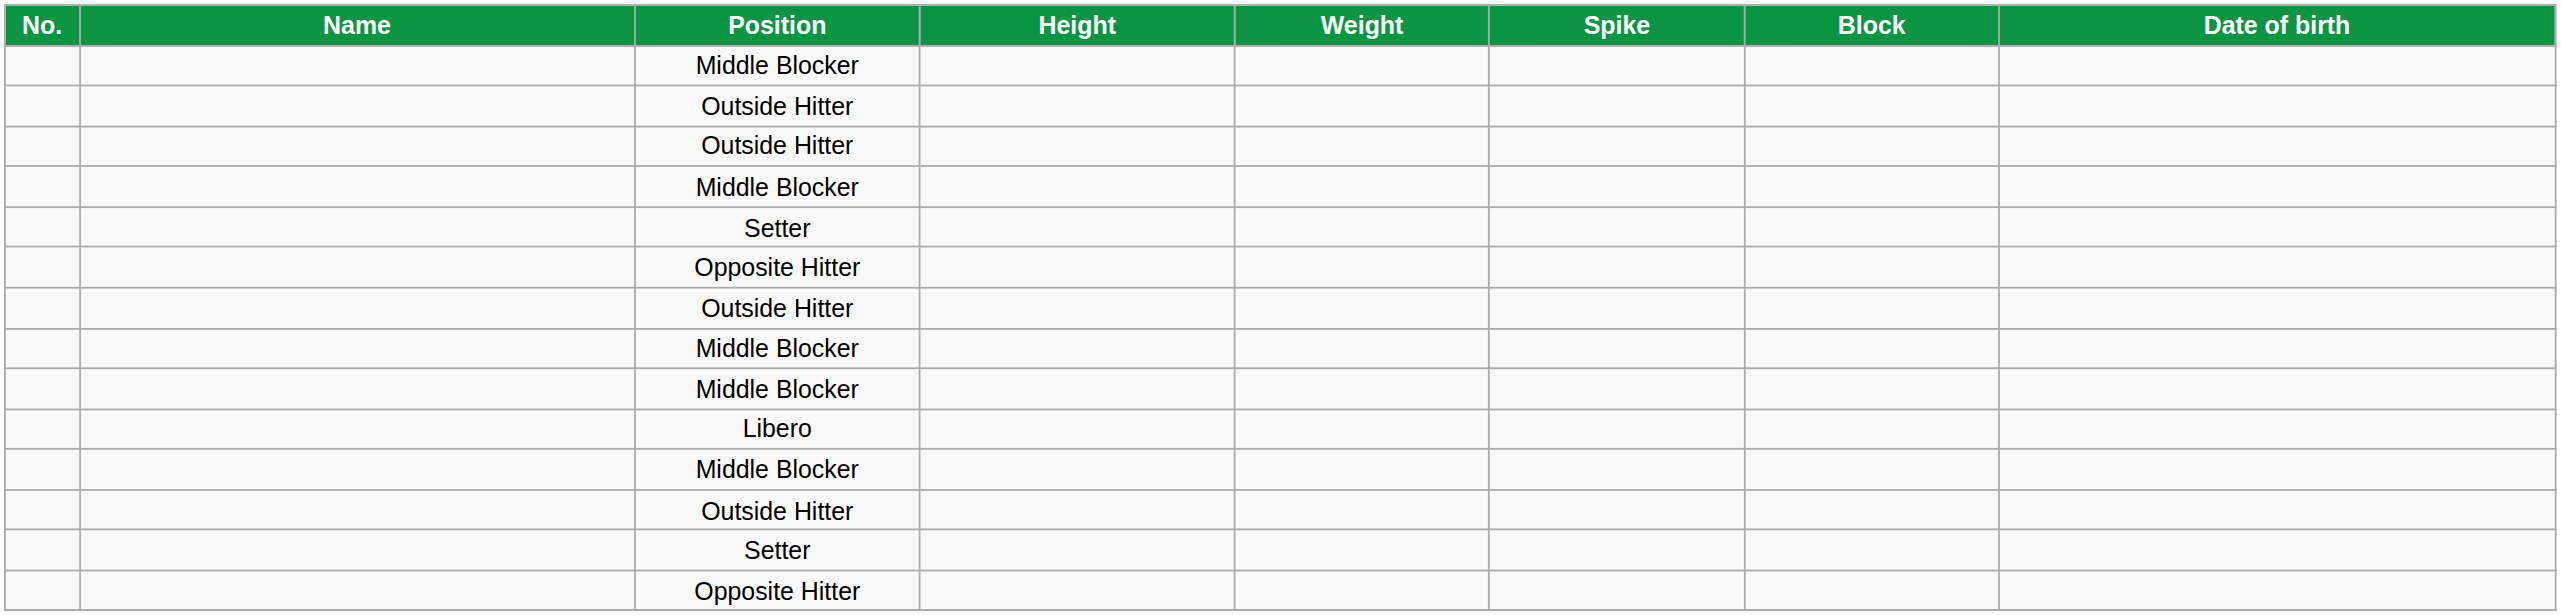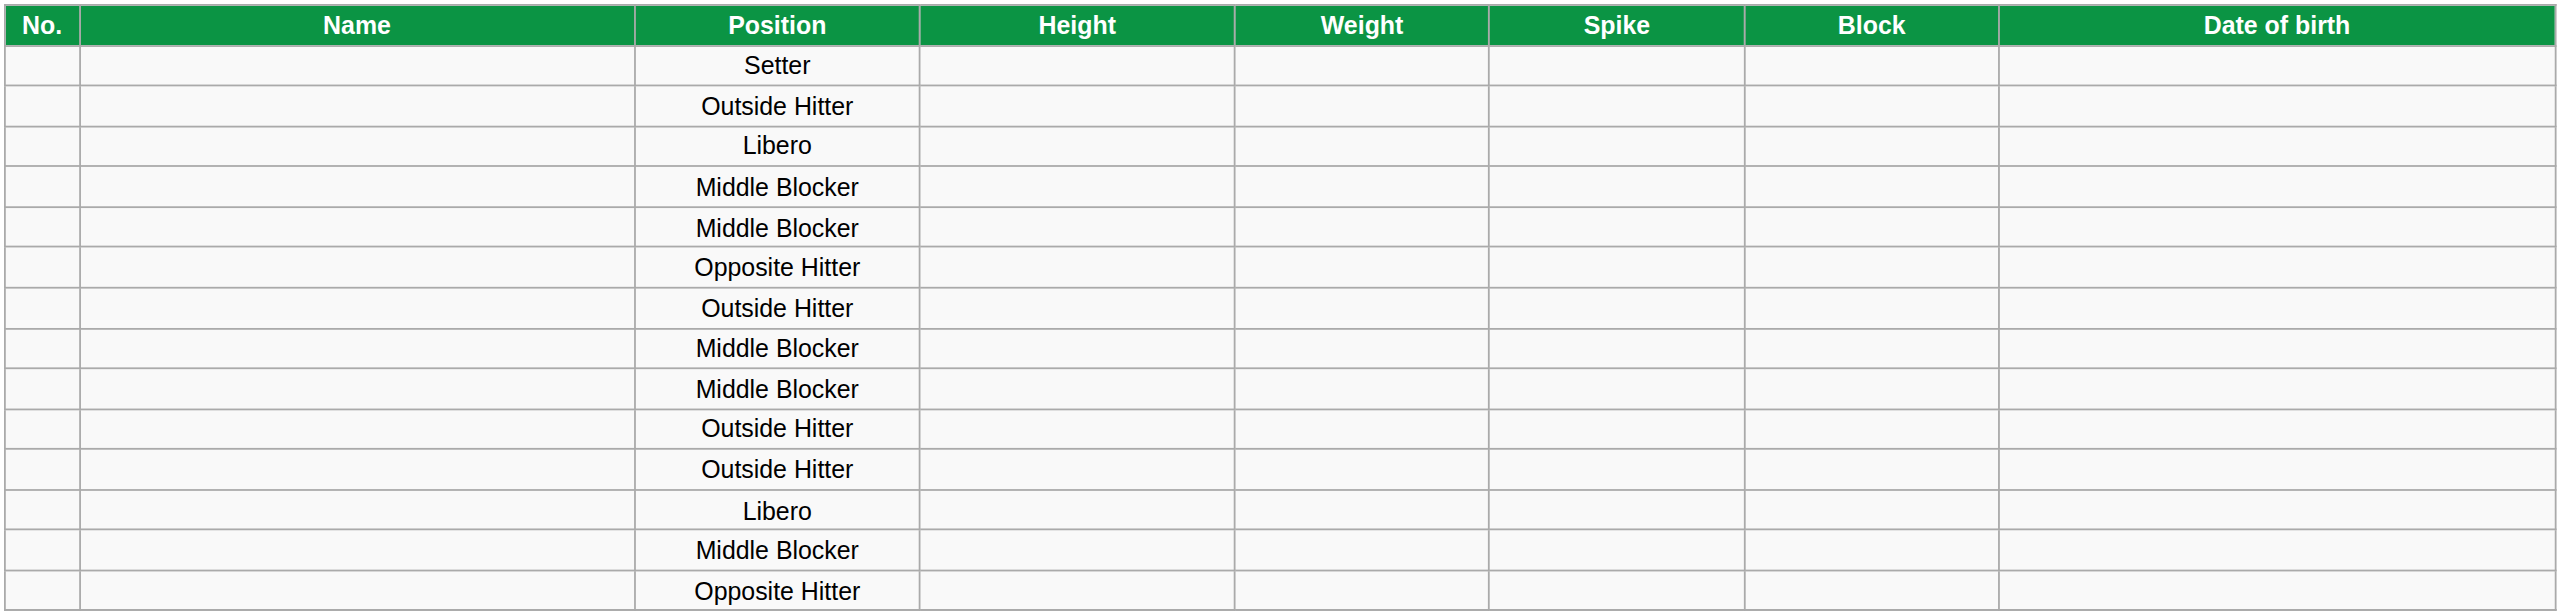 <table class="wikitable sortable" style="font-size:87%; text-align:center; width:90%;">
 <tr>
 <th style="width:2em;background:#0b9444; color:white;">No.</th>
 <th style="width:18em; background:#0b9444; color:white;">Name</th>
 <th style="width:9em; background:#0b9444; color:white;">Position</th>
 <th style="width:10em; background:#0b9444; color:white;">Height</th>
 <th style="width:8em; background:#0b9444; color:white;">Weight</th>
 <th style="width:8em; background:#0b9444; color:white;">Spike</th>
 <th style="width:8em; background:#0b9444; color:white;">Block</th>
 <th style="width:18em; background:#0b9444; color:white;">Date of birth</th>
 </tr>
 <tr align=center>
 <td></td>
 <td align=left> </td>
-<td>Middle Blocker</td>
+<td>Setter</td>
 <td></td>
 <td></td>
 <td></td>
 <td></td>
 <td align=right></td>
 </tr>
 <tr align=center>
 <td></td>
 <td align=left> </td>
 <td>Outside Hitter</td>
 <td></td>
 <td></td>
 <td></td>
 <td></td>
 <td align=right></td>
 </tr>
 <tr align=center>
 <td></td>
 <td align=left> </td>
-<td>Outside Hitter</td>
+<td>Libero</td>
 <td></td>
 <td></td>
 <td></td>
 <td></td>
 <td align=right></td>
 </tr>
 <tr align=center>
 <td></td>
 <td align=left> </td>
 <td>Middle Blocker</td>
 <td></td>
 <td></td>
 <td></td>
 <td></td>
 <td align=right></td>
 </tr>
 <tr align=center>
 <td></td>
 <td align=left> </td>
-<td>Setter</td>
+<td>Middle Blocker</td>
 <td></td>
 <td></td>
 <td></td>
 <td></td>
 <td align=right></td>
 </tr>
 <tr align=center>
 <td></td>
 <td align=left> </td>
 <td>Opposite Hitter</td>
 <td></td>
 <td></td>
 <td></td>
 <td></td>
 <td align=right></td>
 </tr>
 <tr align=center>
 <td></td>
 <td align=left> </td>
 <td>Outside Hitter</td>
 <td></td>
 <td></td>
 <td></td>
 <td></td>
 <td align=right></td>
 </tr>
 <tr align=center>
 <td></td>
 <td align=left> </td>
 <td>Middle Blocker</td>
 <td></td>
 <td></td>
 <td></td>
 <td></td>
 <td align=right></td>
 </tr>
 <tr align=center>
 <td></td>
 <td align=left> </td>
 <td>Middle Blocker</td>
 <td></td>
 <td></td>
 <td></td>
 <td></td>
 <td align=right></td>
 </tr>
 <tr align=center>
 <td></td>
 <td align=left> </td>
+<td>Outside Hitter</td>
+<td></td>
+<td></td>
+<td></td>
+<td></td>
+<td align=right></td>
+</tr>
+<tr align=center>
+<td></td>
+<td align=left> </td>
+<td>Outside Hitter</td>
+<td></td>
+<td></td>
+<td></td>
+<td></td>
+<td align=right></td>
+</tr>
+<tr align=center>
+<td></td>
+<td align=left> </td>
 <td>Libero</td>
 <td></td>
 <td></td>
 <td></td>
 <td></td>
 <td align=right></td>
 </tr>
 <tr align=center>
 <td></td>
 <td align=left> </td>
 <td>Middle Blocker</td>
 <td></td>
 <td></td>
 <td></td>
 <td></td>
 <td align=right></td>
 </tr>
 <tr align=center>
 <td></td>
 <td align=left> </td>
-<td>Outside Hitter</td>
-<td></td>
-<td></td>
-<td></td>
-<td></td>
-<td align=right></td>
-</tr>
-<tr align=center>
-<td></td>
-<td align=left> </td>
-<td>Setter</td>
-<td></td>
-<td></td>
-<td></td>
-<td></td>
-<td align=right></td>
-</tr>
-<tr align=center>
-<td></td>
-<td align=left> </td>
 <td>Opposite Hitter</td>
 <td></td>
 <td></td>
 <td></td>
 <td></td>
 <td align=right></td>
 </tr>
 <tr>
 </tr>
 </table>
